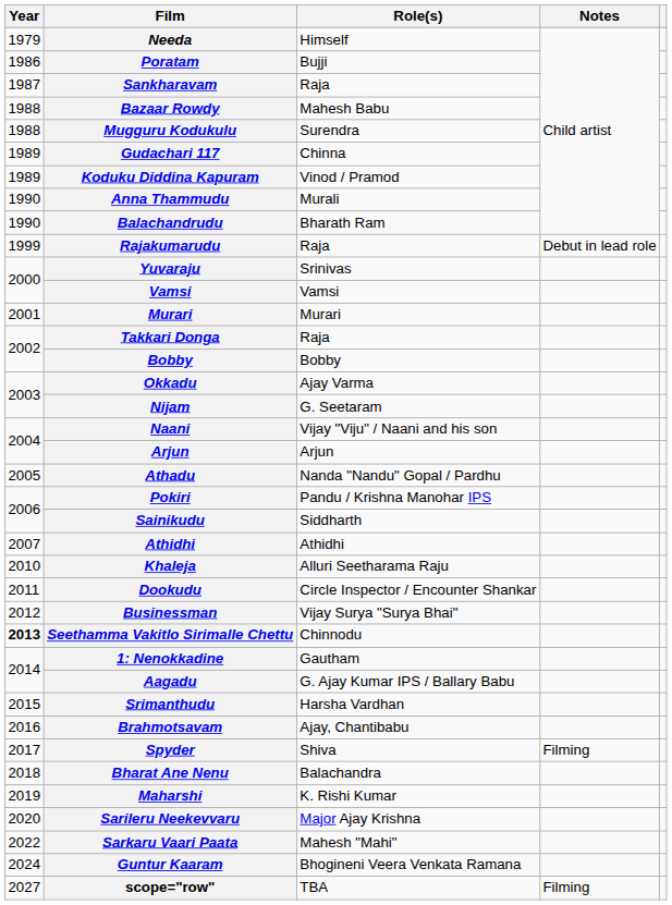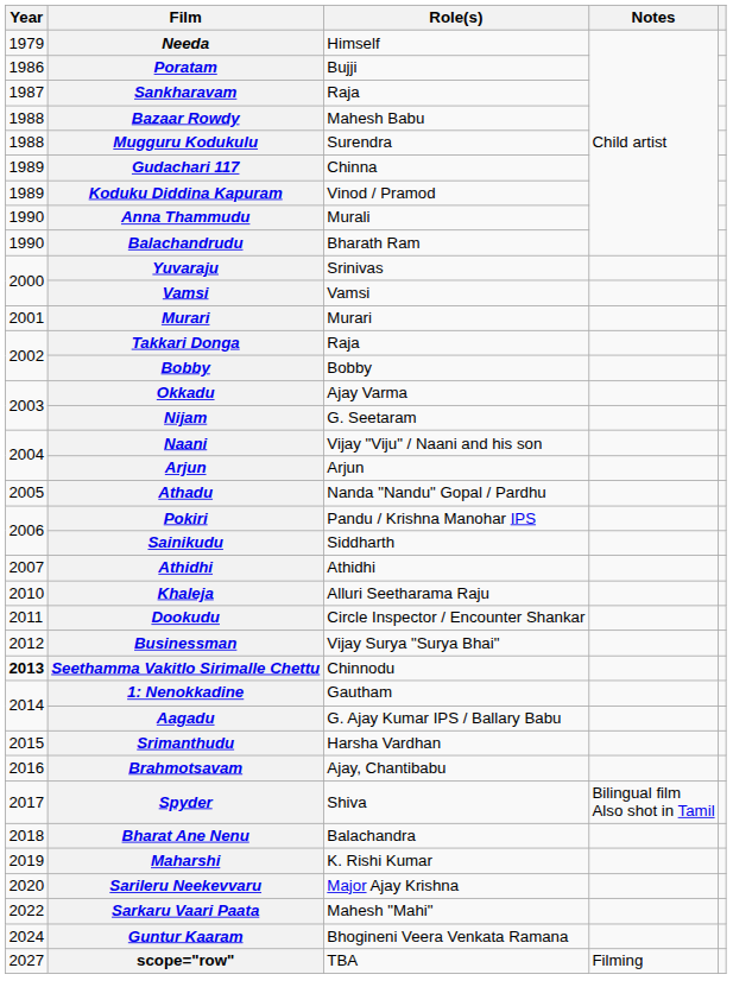 <table class="wikitable sortable plainrowheaders" id="filmography">
 <tr style="background:#ccc; text-align:center;">
 <th scope="col">Year</th>
 <th scope="col">Film</th>
 <th scope="col">Role(s)</th>
 <th scope="col" class="unsortable">Notes</th>
 <th scope="col" class="unsortable"></th>
 </tr>
 <tr>
 <td>1979</td>
 <th scope="row"><em>Needa</em></th>
 <td>Himself</td>
 <td rowspan="9">Child artist</td>
 <td style="text-align:center;"></td>
 </tr>
 <tr>
 <td>1986</td>
 <th scope="row"><em><a href='#'>Poratam</a></em></th>
 <td>Bujji</td>
 <td style="text-align:center;"></td>
 </tr>
 <tr>
 <td>1987</td>
 <th scope="row"><em><a href='#'>Sankharavam</a></em></th>
 <td>Raja</td>
 <td style="text-align:center;"></td>
 </tr>
 <tr>
 <td>1988</td>
 <th scope="row"><em><a href='#'>Bazaar Rowdy</a></em></th>
 <td>Mahesh Babu</td>
 <td style="text-align:center;"></td>
 </tr>
 <tr>
 <td>1988</td>
 <th scope="row"><em><a href='#'>Mugguru Kodukulu</a></em></th>
 <td>Surendra</td>
 <td style="text-align:center;"></td>
 </tr>
 <tr>
 <td>1989</td>
 <th scope="row"><em><a href='#'>Gudachari 117</a></em></th>
 <td>Chinna</td>
 <td style="text-align:center;"></td>
 </tr>
 <tr>
 <td>1989</td>
 <th scope="row"><em><a href='#'>Koduku Diddina Kapuram</a></em></th>
 <td>Vinod / Pramod</td>
 <td style="text-align:center;"></td>
 </tr>
 <tr>
 <td>1990</td>
 <th scope="row"><em><a href='#'>Anna Thammudu</a></em></th>
 <td>Murali</td>
 <td style="text-align:center;"></td>
 </tr>
 <tr>
 <td>1990</td>
 <th scope="row"><em><a href='#'>Balachandrudu</a></em></th>
 <td>Bharath Ram</td>
-<td style="text-align:center;"></td>
-</tr>
-<tr>
-<td>1999</td>
-<th scope="row"><em><a href='#'>Rajakumarudu</a></em></th>
-<td>Raja</td>
-<td>Debut in lead role</td>
 <td style="text-align:center;"></td>
 </tr>
 <tr>
 <td rowspan="2">2000</td>
 <th scope="row"><em><a href='#'>Yuvaraju</a></em></th>
 <td>Srinivas</td>
 <td></td>
 <td style="text-align:center;"></td>
 </tr>
 <tr>
 <th scope="row"><em><a href='#'>Vamsi</a></em></th>
 <td>Vamsi</td>
 <td></td>
 <td style="text-align:center;"></td>
 </tr>
 <tr>
 <td>2001</td>
 <th scope="row"><em><a href='#'>Murari</a></em></th>
 <td>Murari</td>
 <td></td>
 <td style="text-align:center;"></td>
 </tr>
 <tr>
 <td rowspan="2">2002</td>
 <th scope="row"><em><a href='#'>Takkari Donga</a></em></th>
 <td>Raja</td>
 <td></td>
 <td style="text-align:center;"></td>
 </tr>
 <tr>
 <th scope="row"><em><a href='#'>Bobby</a></em></th>
 <td>Bobby</td>
 <td></td>
 <td style="text-align:center;"></td>
 </tr>
 <tr>
 <td rowspan="2">2003</td>
 <th scope="row"><em><a href='#'>Okkadu</a></em></th>
 <td>Ajay Varma</td>
 <td></td>
 <td style="text-align:center;"></td>
 </tr>
 <tr>
 <th scope="row"><em><a href='#'>Nijam</a></em></th>
 <td>G. Seetaram</td>
 <td></td>
 <td style="text-align:center;"></td>
 </tr>
 <tr>
 <td rowspan="2">2004</td>
 <th scope="row"><em><a href='#'>Naani</a></em></th>
 <td>Vijay "Viju" / Naani and his son</td>
 <td></td>
 <td style="text-align:center;"></td>
 </tr>
 <tr>
 <th scope="row"><em><a href='#'>Arjun</a></em></th>
 <td>Arjun</td>
 <td></td>
 <td style="text-align:center;"></td>
 </tr>
 <tr>
 <td>2005</td>
 <th scope="row"><em><a href='#'>Athadu</a></em></th>
 <td>Nanda "Nandu" Gopal / Pardhu</td>
 <td></td>
 <td style="text-align:center;"></td>
 </tr>
 <tr>
 <td rowspan="2">2006</td>
 <th scope="row"><em><a href='#'>Pokiri</a></em></th>
 <td>Pandu / Krishna Manohar <a href='#'>IPS</a></td>
 <td></td>
 <td style="text-align:center;"></td>
 </tr>
 <tr>
 <th scope="row"><em><a href='#'>Sainikudu</a></em></th>
 <td>Siddharth</td>
 <td></td>
 <td style="text-align:center;"></td>
 </tr>
 <tr>
 <td>2007</td>
 <th scope="row"><em><a href='#'>Athidhi</a></em></th>
 <td>Athidhi</td>
 <td></td>
 <td style="text-align:center;"></td>
 </tr>
 <tr>
 <td>2010</td>
 <th scope="row"><em><a href='#'>Khaleja</a></em></th>
 <td>Alluri Seetharama Raju</td>
 <td></td>
 <td style="text-align:center;"></td>
 </tr>
 <tr>
 <td>2011</td>
 <th scope="row"><em><a href='#'>Dookudu</a></em></th>
 <td>Circle Inspector / Encounter Shankar</td>
 <td></td>
 <td style="text-align:center;"></td>
 </tr>
 <tr>
 <td>2012</td>
 <th scope="row"><em><a href='#'>Businessman</a></em></th>
 <td>Vijay Surya "Surya Bhai"</td>
 <td></td>
 <td style="text-align:center;"></td>
 </tr>
 <tr>
 <td><strong>2013</strong></td>
 <th scope="row"><em><a href='#'>Seethamma Vakitlo Sirimalle Chettu</a></em></th>
 <td>Chinnodu</td>
 <td></td>
 <td style="text-align:center;"></td>
 </tr>
 <tr>
 <td rowspan="2">2014</td>
 <th scope="row"><em><a href='#'>1: Nenokkadine</a></em></th>
 <td>Gautham</td>
 <td></td>
 <td style="text-align:center;"></td>
 </tr>
 <tr>
 <th scope="row"><em><a href='#'>Aagadu</a></em></th>
 <td>G. Ajay Kumar IPS / Ballary Babu</td>
 <td></td>
 <td style="text-align:center;"></td>
 </tr>
 <tr>
 <td>2015</td>
 <th scope="row"><em><a href='#'>Srimanthudu</a></em></th>
 <td>Harsha Vardhan</td>
 <td></td>
 <td style="text-align:center;"></td>
 </tr>
 <tr>
 <td>2016</td>
 <th scope="row"><em><a href='#'>Brahmotsavam</a></em></th>
 <td>Ajay, Chantibabu</td>
 <td></td>
 <td style="text-align:center;"></td>
 </tr>
 <tr>
 <td>2017</td>
 <th scope="row"><em><a href='#'>Spyder</a></em></th>
 <td>Shiva</td>
-<td>Filming</td>
+<td>Bilingual film<br>Also shot in <a href='#'>Tamil</a></td>
 <td style="text-align:center;"></td>
 </tr>
 <tr>
 <td>2018</td>
 <th scope="row"><em><a href='#'>Bharat Ane Nenu</a></em></th>
 <td>Balachandra</td>
 <td></td>
 <td style="text-align:center;"></td>
 </tr>
 <tr>
 <td>2019</td>
 <th scope="row"><em><a href='#'>Maharshi</a></em></th>
 <td>K. Rishi Kumar</td>
 <td></td>
 <td style="text-align:center;"></td>
 </tr>
 <tr>
 <td>2020</td>
 <th scope="row"><em><a href='#'>Sarileru Neekevvaru</a></em></th>
 <td><a href='#'>Major</a> Ajay Krishna</td>
 <td></td>
 <td style="text-align:center;"></td>
 </tr>
 <tr>
 <td>2022</td>
 <th scope="row"><em><a href='#'>Sarkaru Vaari Paata</a></em></th>
 <td>Mahesh "Mahi"</td>
 <td></td>
 <td style="text-align:center;"></td>
 </tr>
 <tr>
 <td>2024</td>
 <th scope="row"><em><a href='#'>Guntur Kaaram</a></em></th>
 <td>Bhogineni Veera Venkata Ramana</td>
 <td></td>
 <td style="text-align:center"></td>
 </tr>
 <tr>
 <td>2027</td>
 <th>scope="row" </th>
 <td>TBA</td>
 <td>Filming</td>
 <td style="text-align:center;"></td>
 </tr>
 </table>
